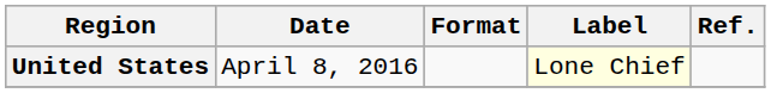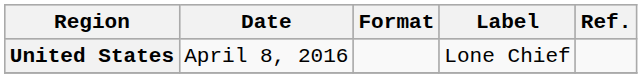 <table class="wikitable plainrowheaders">
 <tr>
 <th scope="col">Region</th>
 <th scope="col">Date</th>
 <th scope="col">Format</th>
 <th scope="col">Label</th>
 <th scope="col">Ref.</th>
 </tr>
 <tr>
 <th scope="row">United States</th>
 <td>April 8, 2016</td>
 <td></td>
-<td style="background: lightyellow;">Lone Chief</td>
+<td>Lone Chief</td>
 <td></td>
 </tr>
 <tr>
 </tr>
 </table>
